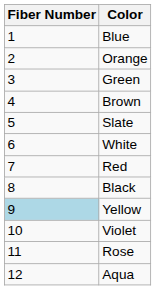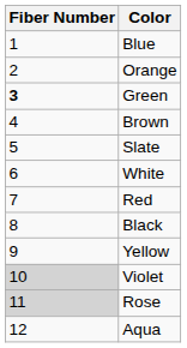 <table class="wikitable">
 <tr>
 <th>Fiber Number</th>
 <th>Color</th>
 </tr>
 <tr>
 <td>1</td>
 <td>Blue</td>
 </tr>
 <tr>
 <td>2</td>
 <td>Orange</td>
 </tr>
 <tr>
-<td>3</td>
+<td><strong>3</strong></td>
 <td>Green</td>
 </tr>
 <tr>
 <td>4</td>
 <td>Brown</td>
 </tr>
 <tr>
 <td>5</td>
 <td>Slate</td>
 </tr>
 <tr>
 <td>6</td>
 <td>White</td>
 </tr>
 <tr>
 <td>7</td>
 <td>Red</td>
 </tr>
 <tr>
 <td>8</td>
 <td>Black</td>
 </tr>
 <tr>
-<td style="background: lightblue;">9</td>
+<td>9</td>
 <td>Yellow</td>
 </tr>
 <tr>
-<td>10</td>
+<td style="background: lightgrey;">10</td>
 <td>Violet</td>
 </tr>
 <tr>
-<td>11</td>
+<td style="background: lightgrey;">11</td>
 <td>Rose</td>
 </tr>
 <tr>
 <td>12</td>
 <td>Aqua</td>
 </tr>
 </table>
